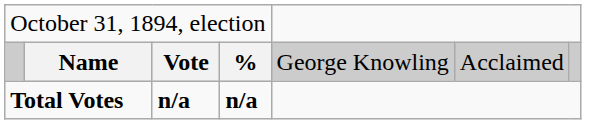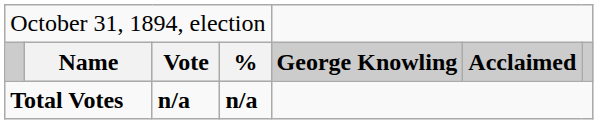 <table class="wikitable">
 <tr>
 <td colspan=4 align=center>October 31, 1894, election</td>
 </tr>
 <tr bgcolor="CCCCCC">
 <td></td>
 <th><strong>Name </strong></th>
 <th><strong>Vote</strong></th>
 <th><strong>%</strong><br></th>
-<td>George Knowling</td>
-<td>Acclaimed</td>
+<td><strong>George Knowling</strong></td>
+<td><strong>Acclaimed</strong></td>
 <td></td>
 </tr>
 <tr>
 <td colspan=2><strong>Total Votes</strong></td>
 <td><strong>n/a</strong></td>
 <td><strong>n/a</strong></td>
 </tr>
 </table>
